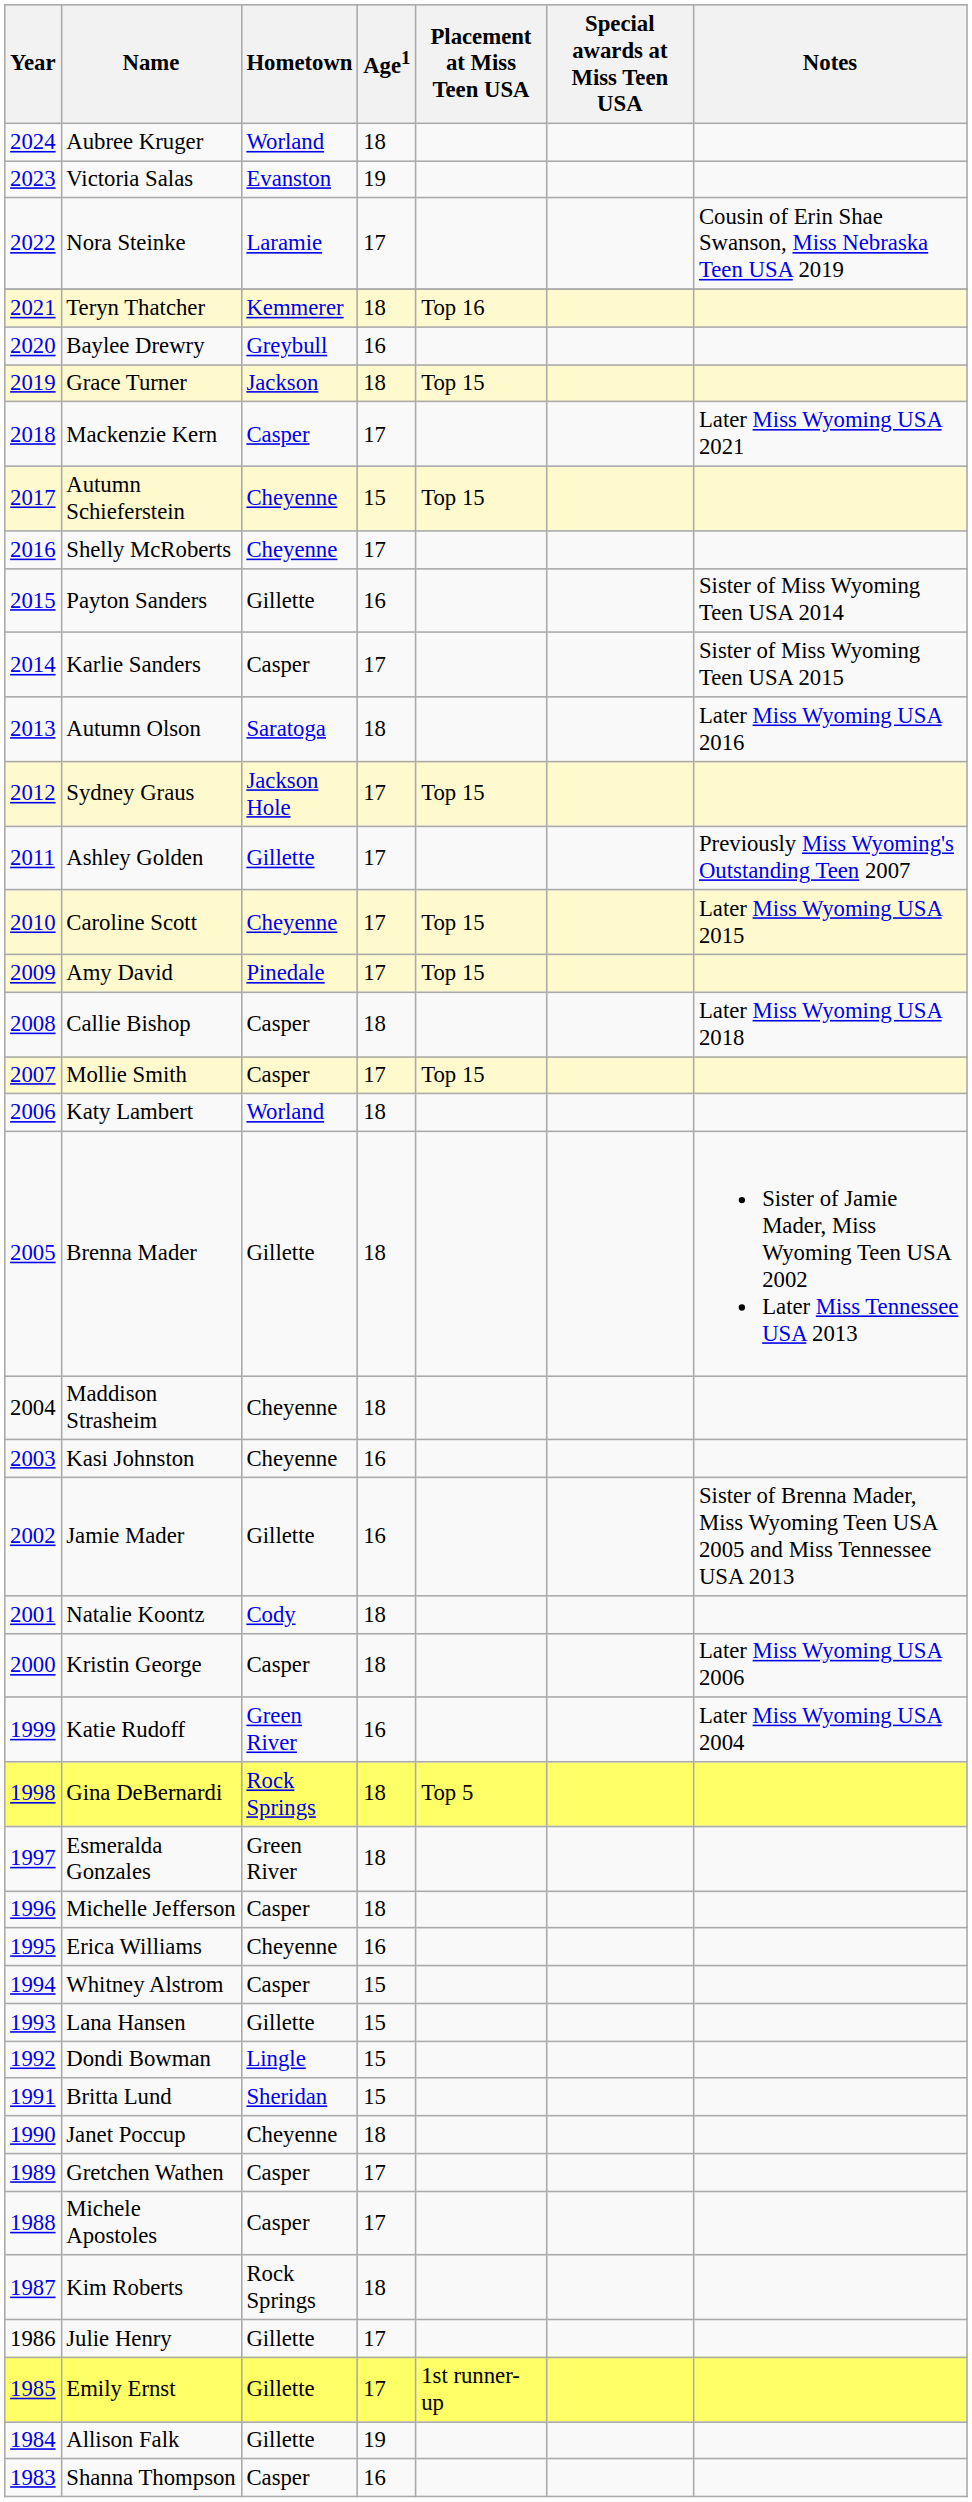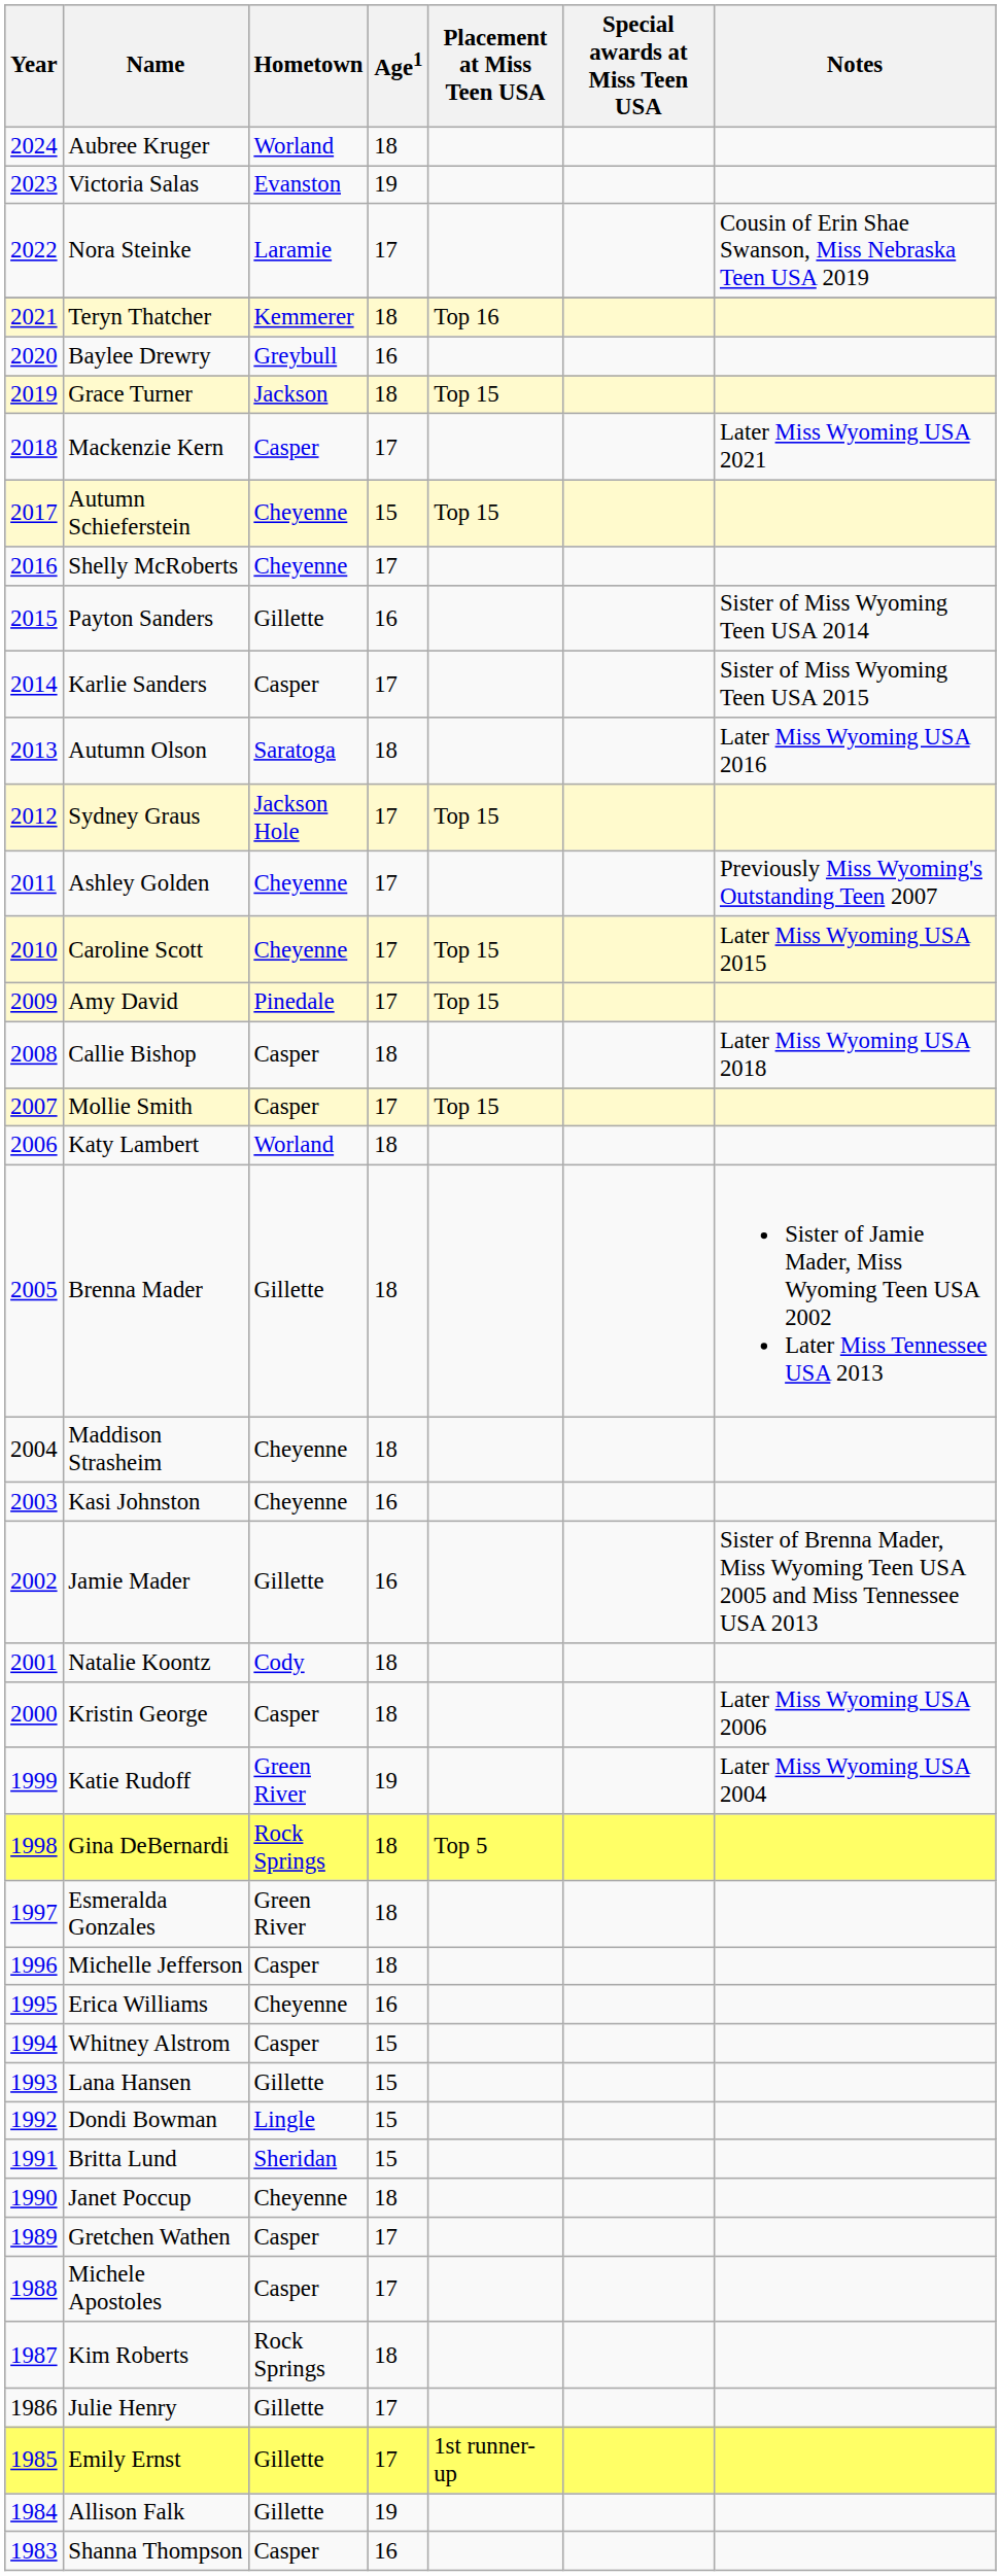 <table class="wikitable sortable" style="font-size:90%;">
 <tr bgcolor="#efefef">
 <th width=5%>Year</th>
 <th width=20%>Name</th>
 <th width=10%>Hometown</th>
 <th width=3%>Age<sup>1</sup></th>
 <th width=14%>Placement at Miss Teen USA</th>
 <th width=17%>Special awards at Miss Teen  USA</th>
 <th width=31%>Notes</th>
 </tr>
 <tr>
 <td><a href='#'>2024</a></td>
 <td>Aubree Kruger</td>
 <td><a href='#'>Worland</a></td>
 <td>18</td>
 <td></td>
 <td></td>
 <td></td>
 </tr>
 <tr>
 <td><a href='#'>2023</a></td>
 <td>Victoria Salas</td>
 <td><a href='#'>Evanston</a></td>
 <td>19</td>
 <td></td>
 <td></td>
 <td></td>
 </tr>
 <tr>
 <td><a href='#'>2022</a></td>
 <td>Nora Steinke</td>
 <td><a href='#'>Laramie</a></td>
 <td>17</td>
 <td></td>
 <td></td>
 <td>Cousin of Erin Shae Swanson, <a href='#'>Miss Nebraska Teen USA</a> 2019</td>
 </tr>
 <tr>
 </tr>
 <tr style="background-color:#FFFACD;">
 <td><a href='#'>2021</a></td>
 <td>Teryn Thatcher</td>
 <td><a href='#'>Kemmerer</a></td>
 <td>18</td>
 <td>Top 16</td>
 <td></td>
 <td></td>
 </tr>
 <tr>
 <td><a href='#'>2020</a></td>
 <td>Baylee Drewry</td>
 <td><a href='#'>Greybull</a></td>
 <td>16</td>
 <td></td>
 <td></td>
 <td></td>
 </tr>
 <tr style="background-color:#FFFACD;">
 <td><a href='#'>2019</a></td>
 <td>Grace Turner</td>
 <td><a href='#'>Jackson</a></td>
 <td>18</td>
 <td>Top 15</td>
 <td></td>
 <td></td>
 </tr>
 <tr>
 <td><a href='#'>2018</a></td>
 <td>Mackenzie Kern</td>
 <td><a href='#'>Casper</a></td>
 <td>17</td>
 <td></td>
 <td></td>
 <td>Later <a href='#'>Miss Wyoming USA</a> 2021</td>
 </tr>
 <tr style="background-color:#FFFACD;">
 <td><a href='#'>2017</a></td>
 <td>Autumn Schieferstein</td>
 <td><a href='#'>Cheyenne</a></td>
 <td>15</td>
 <td>Top 15</td>
 <td></td>
 <td></td>
 </tr>
 <tr>
 <td><a href='#'>2016</a></td>
 <td>Shelly McRoberts</td>
 <td><a href='#'>Cheyenne</a></td>
 <td>17</td>
 <td></td>
 <td></td>
 <td></td>
 </tr>
 <tr>
 <td><a href='#'>2015</a></td>
 <td>Payton Sanders</td>
 <td>Gillette</td>
 <td>16</td>
 <td></td>
 <td></td>
 <td>Sister of Miss Wyoming Teen USA 2014</td>
 </tr>
 <tr>
 <td><a href='#'>2014</a></td>
 <td>Karlie Sanders</td>
 <td>Casper</td>
 <td>17</td>
 <td></td>
 <td></td>
 <td>Sister of Miss Wyoming Teen USA 2015</td>
 </tr>
 <tr>
 <td><a href='#'>2013</a></td>
 <td>Autumn Olson</td>
 <td><a href='#'>Saratoga</a></td>
 <td>18</td>
 <td></td>
 <td></td>
 <td>Later <a href='#'>Miss Wyoming USA</a> 2016</td>
 </tr>
 <tr style="background-color:#FFFACD;”">
 <td><a href='#'>2012</a></td>
 <td>Sydney Graus</td>
 <td><a href='#'>Jackson Hole</a></td>
 <td>17</td>
 <td>Top 15</td>
 <td></td>
 <td></td>
 </tr>
 <tr>
 <td><a href='#'>2011</a></td>
 <td>Ashley Golden</td>
-<td><a href='#'>Gillette</a></td>
+<td><a href='#'>Cheyenne</a></td>
 <td>17</td>
 <td></td>
 <td></td>
 <td>Previously <a href='#'>Miss Wyoming's Outstanding Teen</a> 2007</td>
 </tr>
 <tr style="background-color:#FFFACD;”">
 <td><a href='#'>2010</a></td>
 <td>Caroline Scott</td>
 <td><a href='#'>Cheyenne</a></td>
 <td>17</td>
 <td>Top 15</td>
 <td></td>
 <td>Later <a href='#'>Miss Wyoming USA</a> 2015</td>
 </tr>
 <tr style="background-color:#FFFACD;”">
 <td><a href='#'>2009</a></td>
 <td>Amy David</td>
 <td><a href='#'>Pinedale</a></td>
 <td>17</td>
 <td>Top 15</td>
 <td></td>
 <td></td>
 </tr>
 <tr>
 <td><a href='#'>2008</a></td>
 <td>Callie Bishop</td>
 <td>Casper</td>
 <td>18</td>
 <td></td>
 <td></td>
 <td>Later <a href='#'>Miss Wyoming USA</a> 2018</td>
 </tr>
 <tr style="background-color:#FFFACD;”">
 <td><a href='#'>2007</a></td>
 <td>Mollie Smith</td>
 <td>Casper</td>
 <td>17</td>
 <td>Top 15</td>
 <td></td>
 <td></td>
 </tr>
 <tr>
 <td><a href='#'>2006</a></td>
 <td>Katy Lambert</td>
 <td><a href='#'>Worland</a></td>
 <td>18</td>
 <td></td>
 <td></td>
 <td></td>
 </tr>
 <tr>
 <td><a href='#'>2005</a></td>
 <td>Brenna Mader</td>
 <td>Gillette</td>
 <td>18</td>
 <td></td>
 <td></td>
 <td><br><ul><li>Sister of Jamie Mader, Miss Wyoming Teen USA 2002</li><li>Later <a href='#'>Miss Tennessee USA</a> 2013</li></ul></td>
 </tr>
 <tr>
 <td>2004</td>
 <td>Maddison Strasheim</td>
 <td>Cheyenne</td>
 <td>18</td>
 <td></td>
 <td></td>
 <td></td>
 </tr>
 <tr>
 <td><a href='#'>2003</a></td>
 <td>Kasi Johnston</td>
 <td>Cheyenne</td>
 <td>16</td>
 <td></td>
 <td></td>
 <td></td>
 </tr>
 <tr>
 <td><a href='#'>2002</a></td>
 <td>Jamie Mader</td>
 <td>Gillette</td>
 <td>16</td>
 <td></td>
 <td></td>
 <td>Sister of Brenna Mader, Miss Wyoming Teen USA 2005 and Miss Tennessee USA 2013</td>
 </tr>
 <tr>
 <td><a href='#'>2001</a></td>
 <td>Natalie Koontz</td>
 <td><a href='#'>Cody</a></td>
 <td>18</td>
 <td></td>
 <td></td>
 <td></td>
 </tr>
 <tr>
 <td><a href='#'>2000</a></td>
 <td>Kristin George</td>
 <td>Casper</td>
 <td>18</td>
 <td></td>
 <td></td>
 <td>Later <a href='#'>Miss Wyoming USA</a> 2006</td>
 </tr>
 <tr>
 <td><a href='#'>1999</a></td>
 <td>Katie Rudoff</td>
 <td><a href='#'>Green River</a></td>
-<td>16</td>
+<td>19</td>
 <td></td>
 <td></td>
 <td>Later <a href='#'>Miss Wyoming USA</a> 2004</td>
 </tr>
 <tr style="background-color:#FFFF66;”">
 <td><a href='#'>1998</a></td>
 <td>Gina DeBernardi</td>
 <td><a href='#'>Rock Springs</a></td>
 <td>18</td>
 <td>Top 5</td>
 <td></td>
 <td></td>
 </tr>
 <tr>
 <td><a href='#'>1997</a></td>
 <td>Esmeralda Gonzales</td>
 <td>Green River</td>
 <td>18</td>
 <td></td>
 <td></td>
 <td></td>
 </tr>
 <tr>
 <td><a href='#'>1996</a></td>
 <td>Michelle Jefferson</td>
 <td>Casper</td>
 <td>18</td>
 <td></td>
 <td></td>
 <td></td>
 </tr>
 <tr>
 <td><a href='#'>1995</a></td>
 <td>Erica Williams</td>
 <td>Cheyenne</td>
 <td>16</td>
 <td></td>
 <td></td>
 <td></td>
 </tr>
 <tr>
 <td><a href='#'>1994</a></td>
 <td>Whitney Alstrom</td>
 <td>Casper</td>
 <td>15</td>
 <td></td>
 <td></td>
 <td></td>
 </tr>
 <tr>
 <td><a href='#'>1993</a></td>
 <td>Lana Hansen</td>
 <td>Gillette</td>
 <td>15</td>
 <td></td>
 <td></td>
 <td></td>
 </tr>
 <tr>
 <td><a href='#'>1992</a></td>
 <td>Dondi Bowman</td>
 <td><a href='#'>Lingle</a></td>
 <td>15</td>
 <td></td>
 <td></td>
 <td></td>
 </tr>
 <tr>
 <td><a href='#'>1991</a></td>
 <td>Britta Lund</td>
 <td><a href='#'>Sheridan</a></td>
 <td>15</td>
 <td></td>
 <td></td>
 <td></td>
 </tr>
 <tr>
 <td><a href='#'>1990</a></td>
 <td>Janet Poccup</td>
 <td>Cheyenne</td>
 <td>18</td>
 <td></td>
 <td></td>
 <td></td>
 </tr>
 <tr>
 <td><a href='#'>1989</a></td>
 <td>Gretchen Wathen</td>
 <td>Casper</td>
 <td>17</td>
 <td></td>
 <td></td>
 <td></td>
 </tr>
 <tr>
 <td><a href='#'>1988</a></td>
 <td>Michele Apostoles</td>
 <td>Casper</td>
 <td>17</td>
 <td></td>
 <td></td>
 <td></td>
 </tr>
 <tr>
 <td><a href='#'>1987</a></td>
 <td>Kim Roberts</td>
 <td>Rock Springs</td>
 <td>18</td>
 <td></td>
 <td></td>
 <td></td>
 </tr>
 <tr>
 <td>1986</td>
 <td>Julie Henry</td>
 <td>Gillette</td>
 <td>17</td>
 <td></td>
 <td></td>
 <td></td>
 </tr>
 <tr style="background-color:#FFFF66;”">
 <td><a href='#'>1985</a></td>
 <td>Emily Ernst</td>
 <td>Gillette</td>
 <td>17</td>
 <td>1st runner-up</td>
 <td></td>
 <td></td>
 </tr>
 <tr>
 <td><a href='#'>1984</a></td>
 <td>Allison Falk</td>
 <td>Gillette</td>
 <td>19</td>
 <td></td>
 <td></td>
 <td></td>
 </tr>
 <tr>
 <td><a href='#'>1983</a></td>
 <td>Shanna Thompson</td>
 <td>Casper</td>
 <td>16</td>
 <td></td>
 <td></td>
 <td></td>
 </tr>
 </table>
